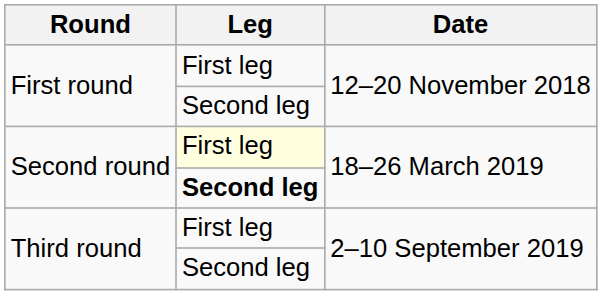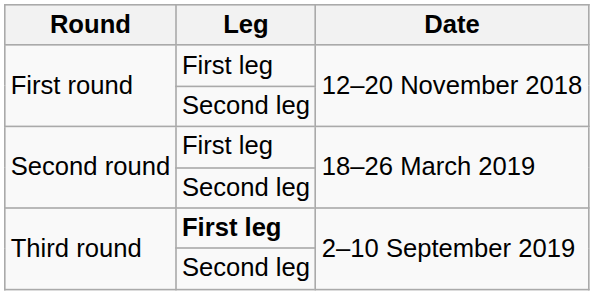 <table class="wikitable">
 <tr>
 <th>Round</th>
 <th>Leg</th>
 <th>Date</th>
 </tr>
 <tr>
 <td rowspan=2>First round</td>
 <td>First leg</td>
 <td rowspan=2>12–20 November 2018</td>
 </tr>
 <tr>
 <td>Second leg</td>
 </tr>
 <tr>
 <td rowspan=2>Second round</td>
-<td style="background: lightyellow;">First leg</td>
+<td>First leg</td>
 <td rowspan=2>18–26 March 2019</td>
 </tr>
 <tr>
-<td><strong>Second leg</strong></td>
+<td>Second leg</td>
 </tr>
 <tr>
 <td rowspan=2>Third round</td>
-<td>First leg</td>
+<td><strong>First leg</strong></td>
 <td rowspan=2>2–10 September 2019</td>
 </tr>
 <tr>
 <td>Second leg</td>
 </tr>
 </table>
